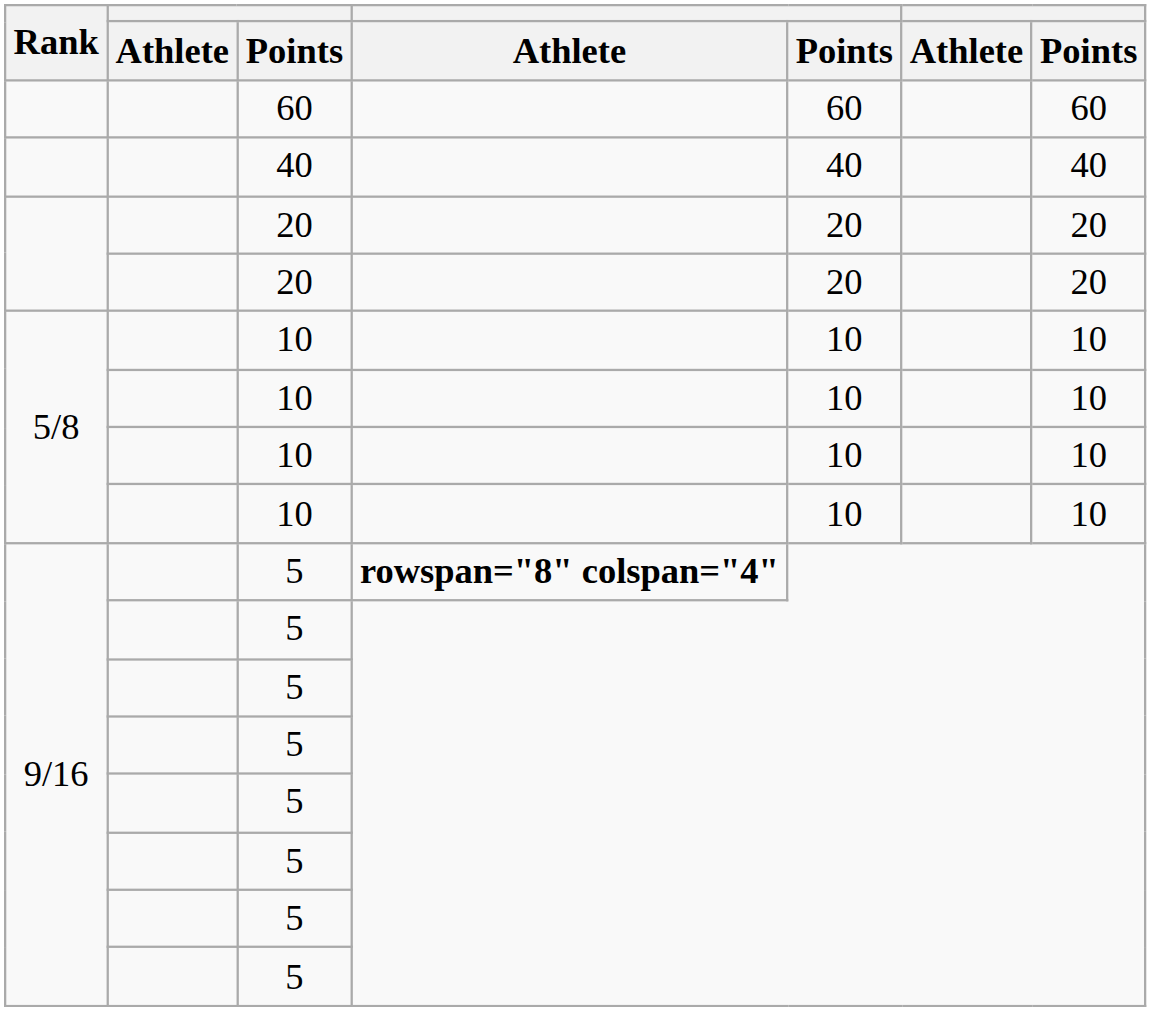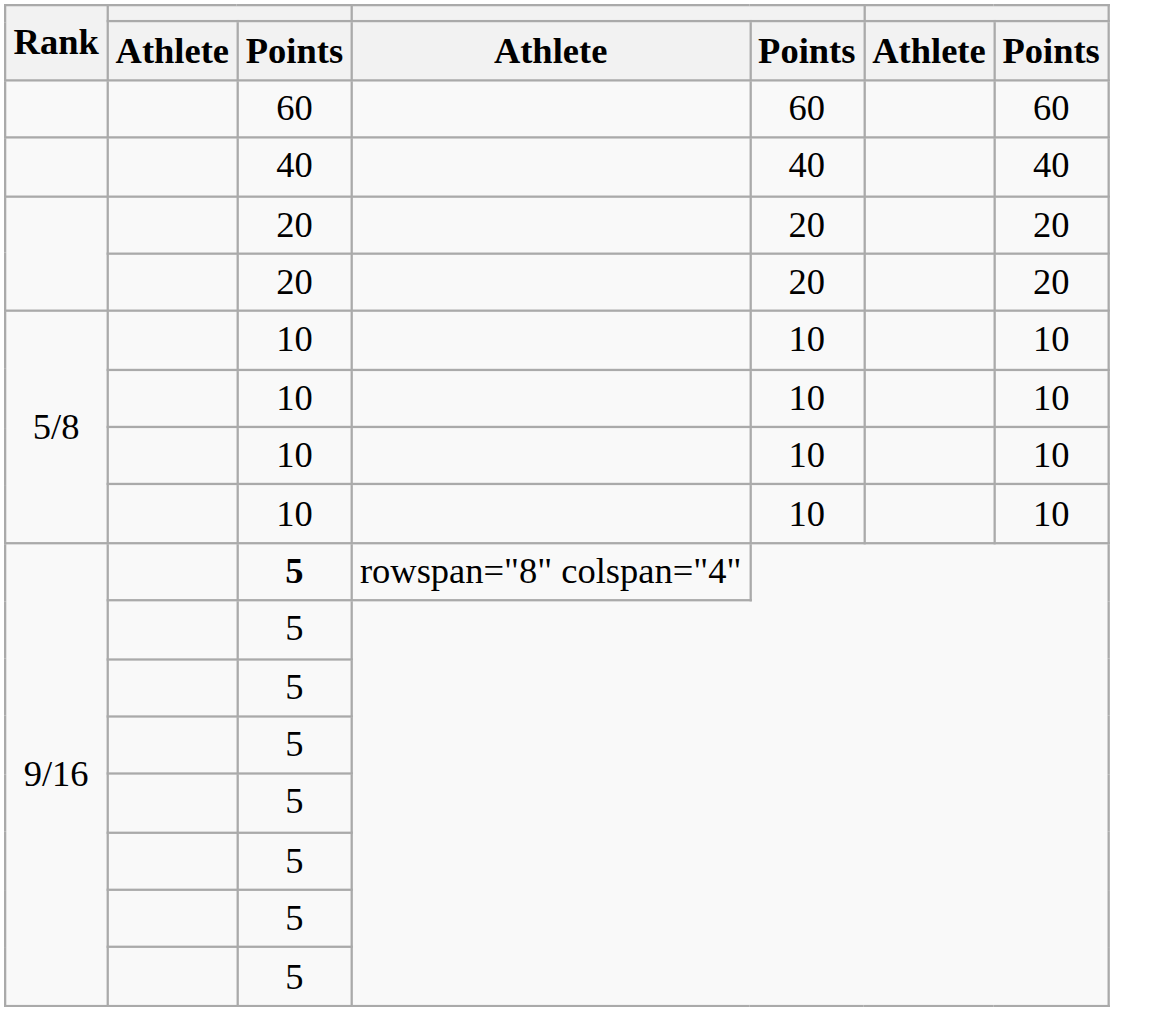 <table class="wikitable" style="text-align:center;">
 <tr>
 <th rowspan="2">Rank</th>
 <th colspan="2"></th>
 <th colspan="2"></th>
 <th colspan="2"></th>
 </tr>
 <tr>
 <th>Athlete</th>
 <th>Points</th>
 <th>Athlete</th>
 <th>Points</th>
 <th>Athlete</th>
 <th>Points</th>
 </tr>
 <tr>
 <td></td>
 <td align="left"></td>
 <td>60</td>
 <td align="left"><br></td>
 <td>60</td>
 <td align="left"><br></td>
 <td>60</td>
 </tr>
 <tr>
 <td></td>
 <td align="left"></td>
 <td>40</td>
 <td align="left"><br></td>
 <td>40</td>
 <td align="left"><br></td>
 <td>40</td>
 </tr>
 <tr>
 <td rowspan="2"></td>
 <td align="left"></td>
 <td>20</td>
 <td align="left"><br></td>
 <td>20</td>
 <td align="left"><br></td>
 <td>20</td>
 </tr>
 <tr>
 <td align="left"></td>
 <td>20</td>
 <td align="left"><br></td>
 <td>20</td>
 <td align="left"><br></td>
 <td>20</td>
 </tr>
 <tr>
 <td rowspan="4">5/8</td>
 <td align="left"></td>
 <td>10</td>
 <td align="left"><br></td>
 <td>10</td>
 <td align="left"><br></td>
 <td>10</td>
 </tr>
 <tr>
 <td align="left"></td>
 <td>10</td>
 <td align="left"><br></td>
 <td>10</td>
 <td align="left"><br></td>
 <td>10</td>
 </tr>
 <tr>
 <td align="left"></td>
 <td>10</td>
 <td align="left"><br></td>
 <td>10</td>
 <td align="left"><br></td>
 <td>10</td>
 </tr>
 <tr>
 <td align="left"></td>
 <td>10</td>
 <td align="left"><br></td>
 <td>10</td>
 <td align="left"><br></td>
 <td>10</td>
 </tr>
 <tr>
 <td rowspan="8">9/16</td>
 <td align="left"></td>
-<td>5</td>
-<td><strong>rowspan="8" colspan="4" </strong></td>
+<td><strong>5</strong></td>
+<td>rowspan="8" colspan="4" </td>
 </tr>
 <tr>
 <td align="left"></td>
 <td>5</td>
 </tr>
 <tr>
 <td align="left"></td>
 <td>5</td>
 </tr>
 <tr>
 <td align="left"></td>
 <td>5</td>
 </tr>
 <tr>
 <td align="left"></td>
 <td>5</td>
 </tr>
 <tr>
 <td align="left"></td>
 <td>5</td>
 </tr>
 <tr>
 <td align="left"></td>
 <td>5</td>
 </tr>
 <tr>
 <td align="left"></td>
 <td>5</td>
 </tr>
 </table>
